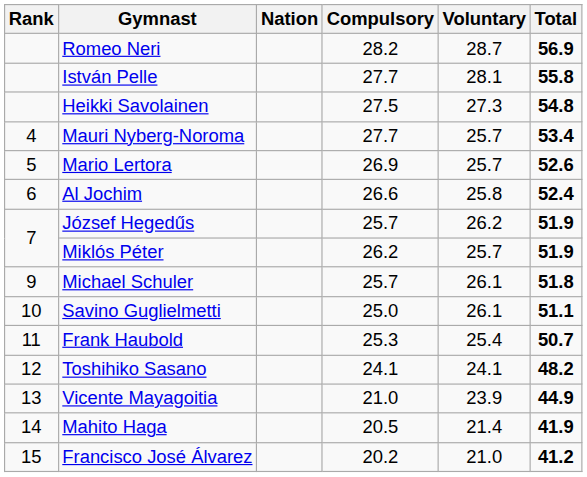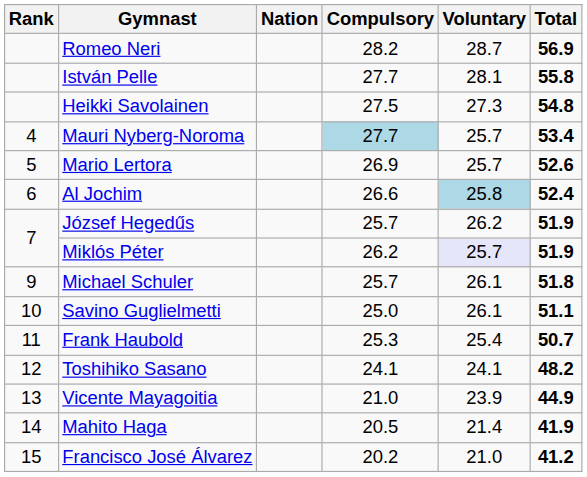 <table class="wikitable sortable" style="text-align:center">
 <tr>
 <th>Rank</th>
 <th>Gymnast</th>
 <th>Nation</th>
 <th>Compulsory</th>
 <th>Voluntary</th>
 <th>Total</th>
 </tr>
 <tr>
 <td></td>
 <td align=left><a href='#'>Romeo Neri</a></td>
 <td align=left></td>
 <td>28.2</td>
 <td>28.7</td>
 <td><strong>56.9</strong></td>
 </tr>
 <tr>
 <td></td>
 <td align=left><a href='#'>István Pelle</a></td>
 <td align=left></td>
 <td>27.7</td>
 <td>28.1</td>
 <td><strong>55.8</strong></td>
 </tr>
 <tr>
 <td></td>
 <td align=left><a href='#'>Heikki Savolainen</a></td>
 <td align=left></td>
 <td>27.5</td>
 <td>27.3</td>
 <td><strong>54.8</strong></td>
 </tr>
 <tr>
 <td>4</td>
 <td align=left><a href='#'>Mauri Nyberg-Noroma</a></td>
 <td align=left></td>
-<td>27.7</td>
+<td style="background: lightblue;">27.7</td>
 <td>25.7</td>
 <td><strong>53.4</strong></td>
 </tr>
 <tr>
 <td>5</td>
 <td align=left><a href='#'>Mario Lertora</a></td>
 <td align=left></td>
 <td>26.9</td>
 <td>25.7</td>
 <td><strong>52.6</strong></td>
 </tr>
 <tr>
 <td>6</td>
 <td align=left><a href='#'>Al Jochim</a></td>
 <td align=left></td>
 <td>26.6</td>
-<td>25.8</td>
+<td style="background: lightblue;">25.8</td>
 <td><strong>52.4</strong></td>
 </tr>
 <tr>
 <td rowspan=2>7</td>
 <td align=left><a href='#'>József Hegedűs</a></td>
 <td align=left></td>
 <td>25.7</td>
 <td>26.2</td>
 <td><strong>51.9</strong></td>
 </tr>
 <tr>
 <td align=left><a href='#'>Miklós Péter</a></td>
 <td align=left></td>
 <td>26.2</td>
-<td>25.7</td>
+<td style="background: lavender;">25.7</td>
 <td><strong>51.9</strong></td>
 </tr>
 <tr>
 <td>9</td>
 <td align=left><a href='#'>Michael Schuler</a></td>
 <td align=left></td>
 <td>25.7</td>
 <td>26.1</td>
 <td><strong>51.8</strong></td>
 </tr>
 <tr>
 <td>10</td>
 <td align=left><a href='#'>Savino Guglielmetti</a></td>
 <td align=left></td>
 <td>25.0</td>
 <td>26.1</td>
 <td><strong>51.1</strong></td>
 </tr>
 <tr>
 <td>11</td>
 <td align=left><a href='#'>Frank Haubold</a></td>
 <td align=left></td>
 <td>25.3</td>
 <td>25.4</td>
 <td><strong>50.7</strong></td>
 </tr>
 <tr>
 <td>12</td>
 <td align=left><a href='#'>Toshihiko Sasano</a></td>
 <td align=left></td>
 <td>24.1</td>
 <td>24.1</td>
 <td><strong>48.2</strong></td>
 </tr>
 <tr>
 <td>13</td>
 <td align=left><a href='#'>Vicente Mayagoitia</a></td>
 <td align=left></td>
 <td>21.0</td>
 <td>23.9</td>
 <td><strong>44.9</strong></td>
 </tr>
 <tr>
 <td>14</td>
 <td align=left><a href='#'>Mahito Haga</a></td>
 <td align=left></td>
 <td>20.5</td>
 <td>21.4</td>
 <td><strong>41.9</strong></td>
 </tr>
 <tr>
 <td>15</td>
 <td align=left><a href='#'>Francisco José Álvarez</a></td>
 <td align=left></td>
 <td>20.2</td>
 <td>21.0</td>
 <td><strong>41.2</strong></td>
 </tr>
 </table>
